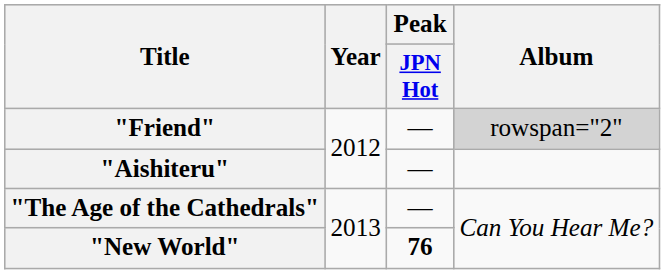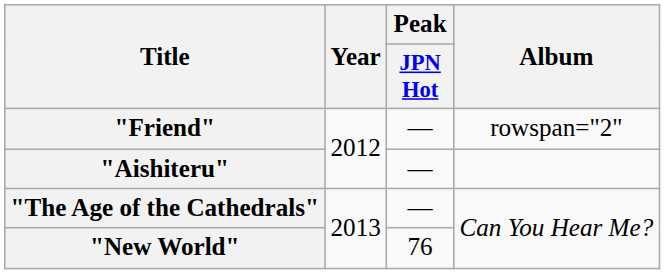 <table class="wikitable plainrowheaders" style="text-align:center;">
 <tr>
 <th scope="col" rowspan="2">Title</th>
 <th scope="col" rowspan="2">Year</th>
 <th scope="col">Peak</th>
 <th scope="col" rowspan="2">Album</th>
 </tr>
 <tr>
 <th scope="col" style="width:2.5em;font-size:90%;"><a href='#'>JPN<br>Hot</a><br></th>
 </tr>
 <tr>
 <th scope="row">"Friend"<br></th>
 <td rowspan="2">2012</td>
 <td>—</td>
-<td style="background: lightgrey;">rowspan="2" </td>
+<td>rowspan="2" </td>
 </tr>
 <tr>
 <th scope="row">"Aishiteru"<br></th>
 <td>—</td>
 </tr>
 <tr>
 <th scope="row">"The Age of the Cathedrals"</th>
 <td rowspan="2">2013</td>
 <td>—</td>
 <td rowspan="2"><em>Can You Hear Me?</em></td>
 </tr>
 <tr>
 <th scope="row">"New World"</th>
-<td><strong>76</strong></td>
+<td>76</td>
 </tr>
 </table>
